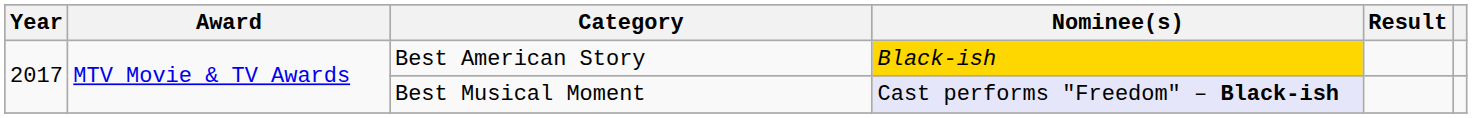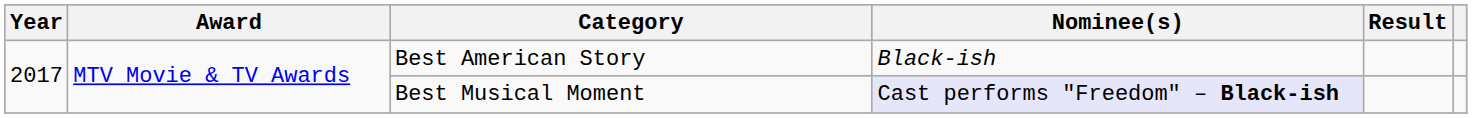 <table class="wikitable sortable" style="width:98%">
 <tr>
 <th scope="col" style="width:3%;">Year</th>
 <th scope="col" style="width:22%;">Award</th>
 <th scope="col" style="width:33%;">Category</th>
 <th>Nominee(s)</th>
 <th scope="col" style="width:6%;">Result</th>
 <th scope="col" class="unsortable" style="width:1%;"></th>
 </tr>
 <tr>
 <td rowspan="2">2017</td>
 <td rowspan="2"><a href='#'>MTV Movie & TV Awards</a></td>
 <td>Best American Story</td>
-<td style="background: gold;"><em>Black-ish</em></td>
+<td><em>Black-ish</em></td>
 <td></td>
 <td></td>
 </tr>
 <tr>
 <td>Best Musical Moment</td>
 <td style="background: lavender;">Cast performs "Freedom" – <strong>Black-ish</strong></td>
 <td></td>
 <td></td>
 </tr>
 </table>
